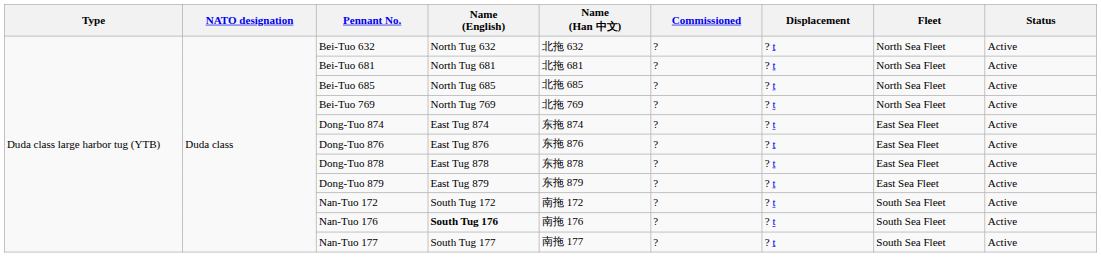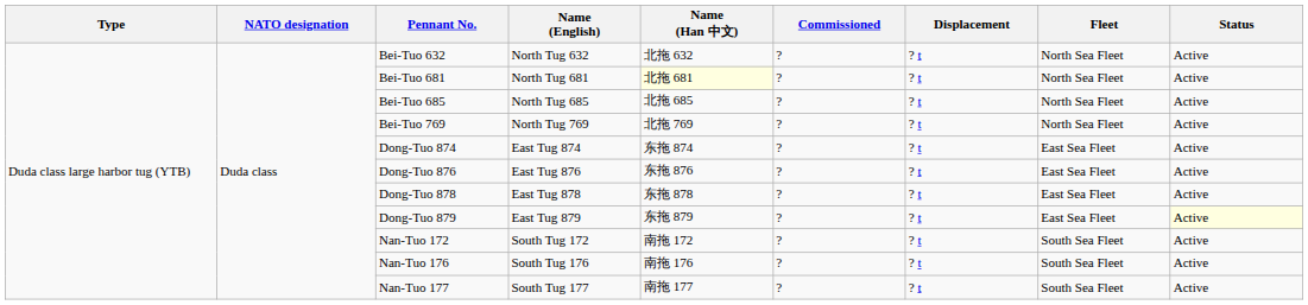 <table class="wikitable sortable"  style="margin:auto; width:100%;">
 <tr>
 <th style="text-align:center; width:16%;">Type</th>
 <th style="text-align:center; width:12%;"><a href='#'>NATO designation</a></th>
 <th style="text-align:center; width:10%;"><a href='#'>Pennant No.</a></th>
 <th style="text-align:center; width:10%;">Name<br>(English)</th>
 <th style="text-align:center; width:10%;">Name<br>(Han 中文)</th>
 <th style="text-align:center; width:10%;"><a href='#'>Commissioned</a></th>
 <th style="text-align:center; width:10%;">Displacement</th>
 <th style="text-align:center; width:10%;">Fleet</th>
 <th style="text-align:center; width:10%;">Status</th>
 </tr>
 <tr>
 <td rowspan="11">Duda class large harbor tug (YTB)</td>
 <td rowspan="11">Duda class</td>
 <td>Bei-Tuo 632</td>
 <td>North Tug 632</td>
 <td>北拖 632</td>
 <td>?</td>
 <td>? <a href='#'>t</a></td>
 <td>North Sea Fleet</td>
 <td><span>Active</span></td>
 </tr>
 <tr>
 <td>Bei-Tuo 681</td>
 <td>North Tug 681</td>
-<td>北拖 681</td>
+<td style="background: lightyellow;">北拖 681</td>
 <td>?</td>
 <td>? <a href='#'>t</a></td>
 <td>North Sea Fleet</td>
 <td><span>Active</span></td>
 </tr>
 <tr>
 <td>Bei-Tuo 685</td>
 <td>North Tug 685</td>
 <td>北拖 685</td>
 <td>?</td>
 <td>? <a href='#'>t</a></td>
 <td>North Sea Fleet</td>
 <td><span>Active</span></td>
 </tr>
 <tr>
 <td>Bei-Tuo 769</td>
 <td>North Tug 769</td>
 <td>北拖 769</td>
 <td>?</td>
 <td>? <a href='#'>t</a></td>
 <td>North Sea Fleet</td>
 <td><span>Active</span></td>
 </tr>
 <tr>
 <td>Dong-Tuo 874</td>
 <td>East Tug 874</td>
 <td>东拖 874</td>
 <td>?</td>
 <td>? <a href='#'>t</a></td>
 <td>East Sea Fleet</td>
 <td><span>Active</span></td>
 </tr>
 <tr>
 <td>Dong-Tuo 876</td>
 <td>East Tug 876</td>
 <td>东拖 876</td>
 <td>?</td>
 <td>? <a href='#'>t</a></td>
 <td>East Sea Fleet</td>
 <td><span>Active</span></td>
 </tr>
 <tr>
 <td>Dong-Tuo 878</td>
 <td>East Tug 878</td>
 <td>东拖 878</td>
 <td>?</td>
 <td>? <a href='#'>t</a></td>
 <td>East Sea Fleet</td>
 <td><span>Active</span></td>
 </tr>
 <tr>
 <td>Dong-Tuo 879</td>
 <td>East Tug 879</td>
 <td>东拖 879</td>
 <td>?</td>
 <td>? <a href='#'>t</a></td>
 <td>East Sea Fleet</td>
-<td><span>Active</span></td>
+<td style="background: lightyellow;"><span>Active</span></td>
 </tr>
 <tr>
 <td>Nan-Tuo 172</td>
 <td>South Tug 172</td>
 <td>南拖 172</td>
 <td>?</td>
 <td>? <a href='#'>t</a></td>
 <td>South Sea Fleet</td>
 <td><span>Active</span></td>
 </tr>
 <tr>
 <td>Nan-Tuo 176</td>
-<td><strong>South Tug 176</strong></td>
+<td>South Tug 176</td>
 <td>南拖 176</td>
 <td>?</td>
 <td>? <a href='#'>t</a></td>
 <td>South Sea Fleet</td>
 <td><span>Active</span></td>
 </tr>
 <tr>
 <td>Nan-Tuo 177</td>
 <td>South Tug 177</td>
 <td>南拖 177</td>
 <td>?</td>
 <td>? <a href='#'>t</a></td>
 <td>South Sea Fleet</td>
 <td><span>Active</span></td>
 </tr>
 </table>
